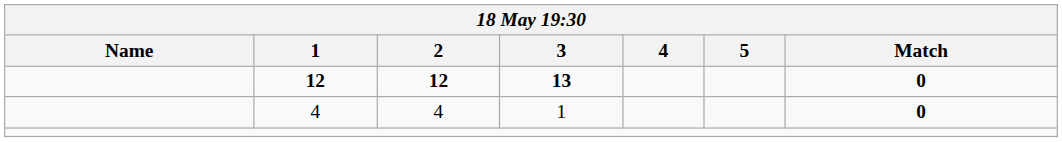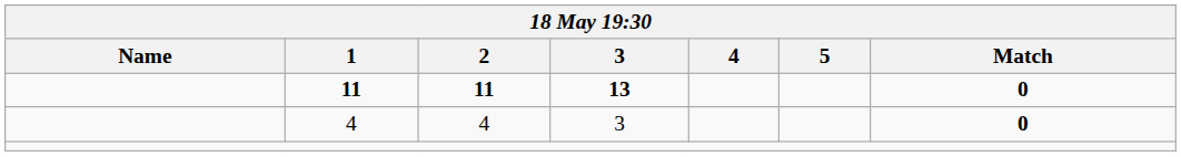 <table class=wikitable style="text-align:center; width: 55%">
 <tr>
 <th colspan=17><em>18 May 19:30</em></th>
 </tr>
 <tr>
 <th>Name</th>
 <th>1</th>
 <th>2</th>
 <th>3</th>
 <th>4</th>
 <th>5</th>
 <th>Match</th>
 </tr>
 <tr>
 <td style="text-align:left;"><strong></strong></td>
-<td><strong>12</strong></td>
-<td><strong>12</strong></td>
+<td><strong>11</strong></td>
+<td><strong>11</strong></td>
 <td><strong>13</strong></td>
 <td></td>
 <td></td>
 <td><strong>0</strong></td>
 </tr>
 <tr>
 <td style="text-align:left;"></td>
 <td>4</td>
 <td>4</td>
-<td>1</td>
+<td>3</td>
 <td></td>
 <td></td>
 <td><strong>0</strong></td>
 </tr>
 <tr>
 <td colspan=17></td>
 </tr>
 </table>
